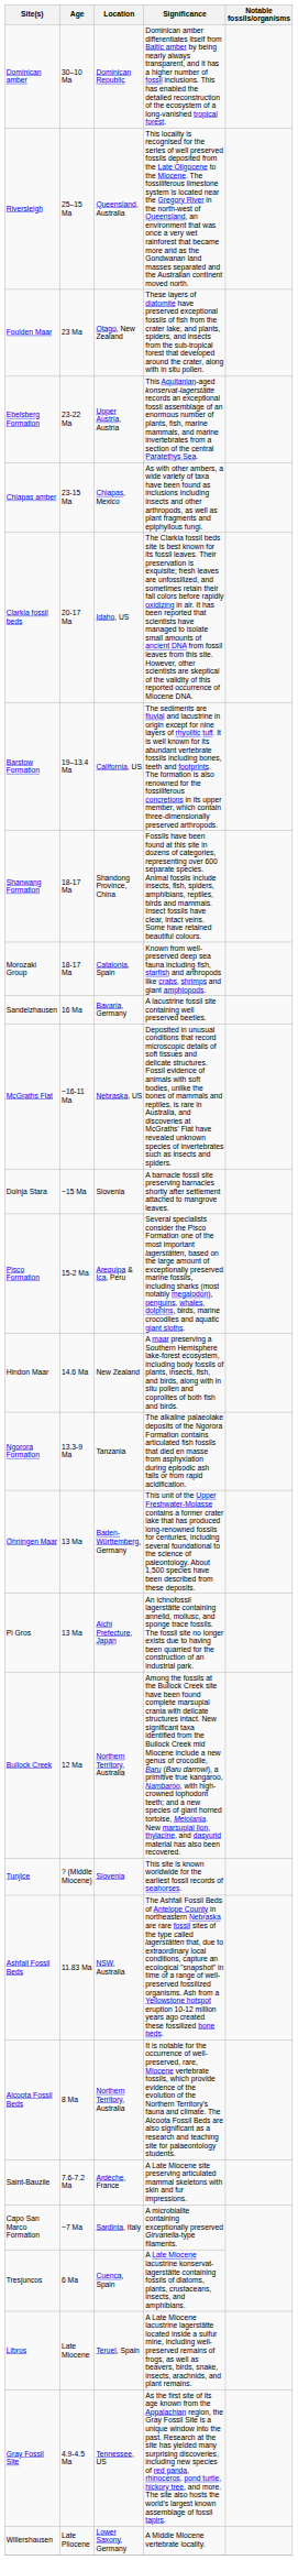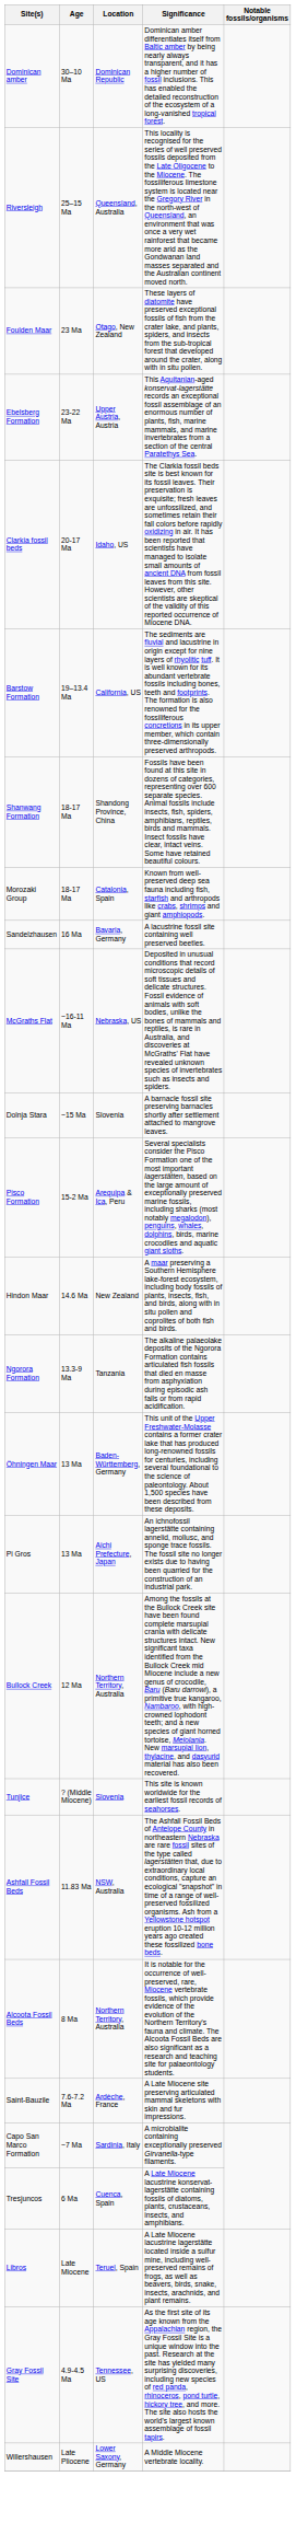 <table class="wikitable" align="center" width="100%">
 <tr>
 <th>Site(s)</th>
 <th>Age</th>
 <th>Location</th>
 <th>Significance</th>
 <th>Notable fossils/organisms</th>
 </tr>
 <tr>
 <td><a href='#'>Dominican amber</a></td>
 <td>30–10 Ma</td>
 <td><a href='#'>Dominican Republic</a></td>
 <td>Dominican amber differentiates itself from <a href='#'>Baltic amber</a> by being nearly always transparent, and it has a higher number of <a href='#'>fossil</a> inclusions. This has enabled the detailed reconstruction of the ecosystem of a long-vanished <a href='#'>tropical forest</a>.</td>
 <td></td>
 </tr>
 <tr>
 <td><a href='#'>Riversleigh</a></td>
 <td>25–15 Ma</td>
 <td><a href='#'>Queensland</a>, Australia</td>
 <td>This locality is recognised for the series of well preserved fossils deposited from the <a href='#'>Late Oligocene</a> to the <a href='#'>Miocene</a>. The fossiliferous limestone system is located near the <a href='#'>Gregory River</a> in the north-west of <a href='#'>Queensland</a>, an environment that was once a very wet rainforest that became more arid as the Gondwanan land masses separated and the Australian continent moved north.</td>
 <td></td>
 </tr>
 <tr>
 <td><a href='#'>Foulden Maar</a></td>
 <td>23 Ma</td>
 <td><a href='#'>Otago</a>, New Zealand</td>
 <td>These layers of <a href='#'>diatomite</a> have preserved exceptional fossils of fish from the crater lake, and plants, spiders, and insects from the sub-tropical forest that developed around the crater, along with in situ pollen.</td>
 <td></td>
 </tr>
 <tr>
 <td><a href='#'>Ebelsberg Formation</a></td>
 <td>23-22 Ma</td>
 <td><a href='#'>Upper Austria</a>, Austria</td>
 <td>This <a href='#'>Aquitanian</a>-aged <em>konservat-lagerstätte</em> records an exceptional fossil assemblage of an enormous number of plants, fish, marine mammals, and marine invertebrates from a section of the central <a href='#'>Paratethys Sea</a>.</td>
-<td></td>
-</tr>
-<tr>
-<td><a href='#'>Chiapas amber</a></td>
-<td>23-15 Ma</td>
-<td><a href='#'>Chiapas</a>, Mexico</td>
-<td>As with other ambers, a wide variety of taxa have been found as inclusions including insects and other arthropods, as well as plant fragments and epiphyllous fungi.</td>
 <td></td>
 </tr>
 <tr>
 <td><a href='#'>Clarkia fossil beds</a></td>
 <td>20-17 Ma</td>
 <td><a href='#'>Idaho</a>, US</td>
 <td>The Clarkia fossil beds site is best known for its fossil leaves. Their preservation is exquisite; fresh leaves are unfossilized, and sometimes retain their fall colors before rapidly <a href='#'>oxidizing</a> in air. It has been reported that scientists have managed to isolate small amounts of <a href='#'>ancient DNA</a> from fossil leaves from this site. However, other scientists are skeptical of the validity of this reported occurrence of Miocene DNA.</td>
 <td></td>
 </tr>
 <tr>
 <td><a href='#'>Barstow Formation</a></td>
 <td>19–13.4 Ma</td>
 <td><a href='#'>California</a>, US</td>
 <td>The sediments are <a href='#'>fluvial</a> and lacustrine in origin except for nine layers of <a href='#'>rhyolitic</a> <a href='#'>tuff</a>. It is well known for its abundant vertebrate fossils including bones, teeth and <a href='#'>footprints</a>. The formation is also renowned for the fossiliferous <a href='#'>concretions</a> in its upper member, which contain three-dimensionally preserved arthropods.</td>
 <td></td>
 </tr>
 <tr>
 <td><a href='#'>Shanwang Formation</a></td>
 <td>18-17 Ma</td>
 <td>Shandong Province, China</td>
 <td>Fossils have been found at this site in dozens of categories, representing over 600 separate species. Animal fossils include insects, fish, spiders, amphibians, reptiles, birds and mammals. Insect fossils have clear, intact veins. Some have retained beautiful colours.</td>
 <td></td>
 </tr>
 <tr>
 <td>Morozaki Group</td>
 <td>18-17 Ma</td>
 <td><a href='#'>Catalonia</a>, Spain</td>
 <td>Known from well-preserved deep sea fauna including fish, <a href='#'>starfish</a> and arthropods like <a href='#'>crabs</a>, <a href='#'>shrimps</a> and giant <a href='#'>amphiopods</a>.</td>
 <td></td>
 </tr>
 <tr>
 <td>Sandelzhausen</td>
 <td>16 Ma</td>
 <td><a href='#'>Bavaria</a>, Germany</td>
 <td>A lacustrine fossil site containing well preserved beetles.</td>
 </tr>
 <tr>
 <td><a href='#'>McGraths Flat</a></td>
 <td>~16-11 Ma</td>
 <td><a href='#'>Nebraska</a>, US</td>
 <td>Deposited in unusual conditions that record microscopic details of soft tissues and delicate structures. Fossil evidence of animals with soft bodies, unlike the bones of mammals and reptiles, is rare in Australia, and discoveries at McGraths' Flat have revealed unknown species of invertebrates such as insects and spiders.</td>
 <td></td>
 </tr>
 <tr>
 <td>Dolnja Stara</td>
 <td>~15 Ma</td>
 <td>Slovenia</td>
 <td>A barnacle fossil site preserving barnacles shortly after settlement attached to mangrove leaves.</td>
 <td></td>
 </tr>
 <tr>
 <td><a href='#'>Pisco Formation</a></td>
 <td>15-2 Ma</td>
 <td><a href='#'>Arequipa</a> & <a href='#'>Ica</a>, Peru</td>
 <td>Several specialists consider the Pisco Formation one of the most important <em>lagerstätten</em>, based on the large amount of exceptionally preserved marine fossils, including sharks (most notably <a href='#'>megalodon</a>), <a href='#'>penguins</a>, <a href='#'>whales</a>, <a href='#'>dolphins</a>, birds, marine crocodiles and aquatic <a href='#'>giant sloths</a>.</td>
 <td></td>
 </tr>
 <tr>
 <td>Hindon Maar</td>
 <td>14.6 Ma</td>
 <td>New Zealand</td>
 <td>A <a href='#'>maar</a> preserving a Southern Hemisphere lake-forest ecosystem, including body fossils of plants, insects, fish, and birds, along with in situ pollen and coprolites of both fish and birds.</td>
 <td></td>
 </tr>
 <tr>
 <td><a href='#'>Ngorora Formation</a></td>
 <td>13.3-9 Ma</td>
 <td>Tanzania</td>
 <td>The alkaline palaeolake deposits of the Ngorora Formation contains articulated fish fossils that died en masse from asphyxiation during episodic ash falls or from rapid acidification.</td>
 <td></td>
 </tr>
 <tr>
 <td><a href='#'>Öhningen Maar</a></td>
 <td>13 Ma</td>
 <td><a href='#'>Baden-Württemberg</a>, Germany</td>
 <td>This unit of the <a href='#'>Upper Freshwater-Molasse</a> contains a former crater lake that has produced long-renowned fossils for centuries, including several foundational to the science of paleontology. About 1,500 species have been described from these deposits.</td>
 <td></td>
 </tr>
 <tr>
 <td>Pi Gros</td>
 <td>13 Ma</td>
 <td><a href='#'>Aichi Prefecture</a>, <a href='#'>Japan</a></td>
 <td>An ichnofossil lagerstätte containing annelid, mollusc, and sponge trace fossils. The fossil site no longer exists due to having been quarried for the construction of an industrial park.</td>
 </tr>
 <tr>
 <td><a href='#'>Bullock Creek</a></td>
 <td>12 Ma</td>
 <td><a href='#'>Northern Territory</a>, Australia</td>
 <td>Among the fossils at the Bullock Creek site have been found complete marsupial crania with delicate structures intact. New significant taxa identified from the Bullock Creek mid Miocene include a new genus of crocodile, <em><a href='#'>Baru</a></em> (<em>Baru darrowi</em>), a primitive true kangaroo, <em><a href='#'>Nambaroo</a></em>, with high-crowned lophodont teeth; and a new species of giant horned tortoise, <em><a href='#'>Meiolania</a></em>. New <a href='#'>marsupial lion</a>, <a href='#'>thylacine</a>, and <a href='#'>dasyurid</a> material has also been recovered.</td>
 <td></td>
 </tr>
 <tr>
 <td><a href='#'>Tunjice</a></td>
 <td>? (Middle Miocene)</td>
 <td><a href='#'>Slovenia</a></td>
 <td>This site is known worldwide for the earliest fossil records of <a href='#'>seahorses</a>.</td>
 <td></td>
 </tr>
 <tr>
 <td><a href='#'>Ashfall Fossil Beds</a></td>
 <td>11.83 Ma</td>
 <td><a href='#'>NSW</a>, Australia</td>
 <td>The Ashfall Fossil Beds of <a href='#'>Antelope County</a> in northeastern <a href='#'>Nebraska</a> are rare <a href='#'>fossil</a> sites of the type called <em>lagerstätten</em> that, due to extraordinary local conditions, capture an ecological "snapshot" in time of a range of well-preserved fossilized organisms. Ash from a <a href='#'>Yellowstone hotspot</a> eruption 10-12 million years ago created these fossilized <a href='#'>bone beds</a>.</td>
 <td></td>
 </tr>
 <tr>
 <td><a href='#'>Alcoota Fossil Beds</a></td>
 <td>8 Ma</td>
 <td><a href='#'>Northern Territory</a>, Australia</td>
 <td>It is notable for the occurrence of well-preserved, rare, <a href='#'>Miocene</a> vertebrate fossils, which provide evidence of the evolution of the Northern Territory's fauna and climate. The Alcoota Fossil Beds are also significant as a research and teaching site for palaeontology students.</td>
 <td></td>
 </tr>
 <tr>
 <td>Saint-Bauzile</td>
 <td>7.6-7.2 Ma</td>
 <td><a href='#'>Ardèche</a>, France</td>
 <td>A Late Miocene site preserving articulated mammal skeletons with skin and fur impressions.</td>
 <td></td>
 </tr>
 <tr>
 <td>Capo San Marco Formation</td>
 <td>~7 Ma</td>
 <td><a href='#'>Sardinia</a>, Italy</td>
 <td>A microbialite containing exceptionally preserved <em>Girvanella</em>-type filaments.</td>
 </tr>
 <tr>
 <td>Tresjuncos</td>
 <td>6 Ma</td>
 <td><a href='#'>Cuenca</a>, Spain</td>
 <td>A <a href='#'>Late Miocene</a> lacustrine konservat-lagerstätte containing fossils of diatoms, plants, crustaceans, insects, and amphibians.</td>
 </tr>
 <tr>
 <td><a href='#'>Libros</a></td>
 <td>Late Miocene</td>
 <td><a href='#'>Teruel</a>, Spain</td>
 <td>A Late Miocene lacustrine lagerstätte located inside a sulfur mine, including well-preserved remains of frogs, as well as beavers, birds, snake, insects, arachnids, and plant remains.</td>
 <td></td>
 </tr>
 <tr>
 <td><a href='#'>Gray Fossil Site</a></td>
 <td>4.9-4.5 Ma</td>
 <td><a href='#'>Tennessee</a>, US</td>
 <td>As the first site of its age known from the <a href='#'>Appalachian</a> region, the Gray Fossil Site is a unique window into the past. Research at the site has yielded many surprising discoveries, including new species of <a href='#'>red panda</a>, <a href='#'>rhinoceros</a>, <a href='#'>pond turtle</a>, <a href='#'>hickory tree</a>, and more. The site also hosts the world's largest known assemblage of fossil <a href='#'>tapirs</a>.</td>
 <td></td>
 </tr>
 <tr>
 <td>Willershausen</td>
 <td>Late Pliocene</td>
 <td><a href='#'>Lower Saxony</a>, Germany</td>
 <td>A Middle Miocene vertebrate locality.</td>
 <td></td>
 </tr>
 <tr>
 </tr>
 </table>
